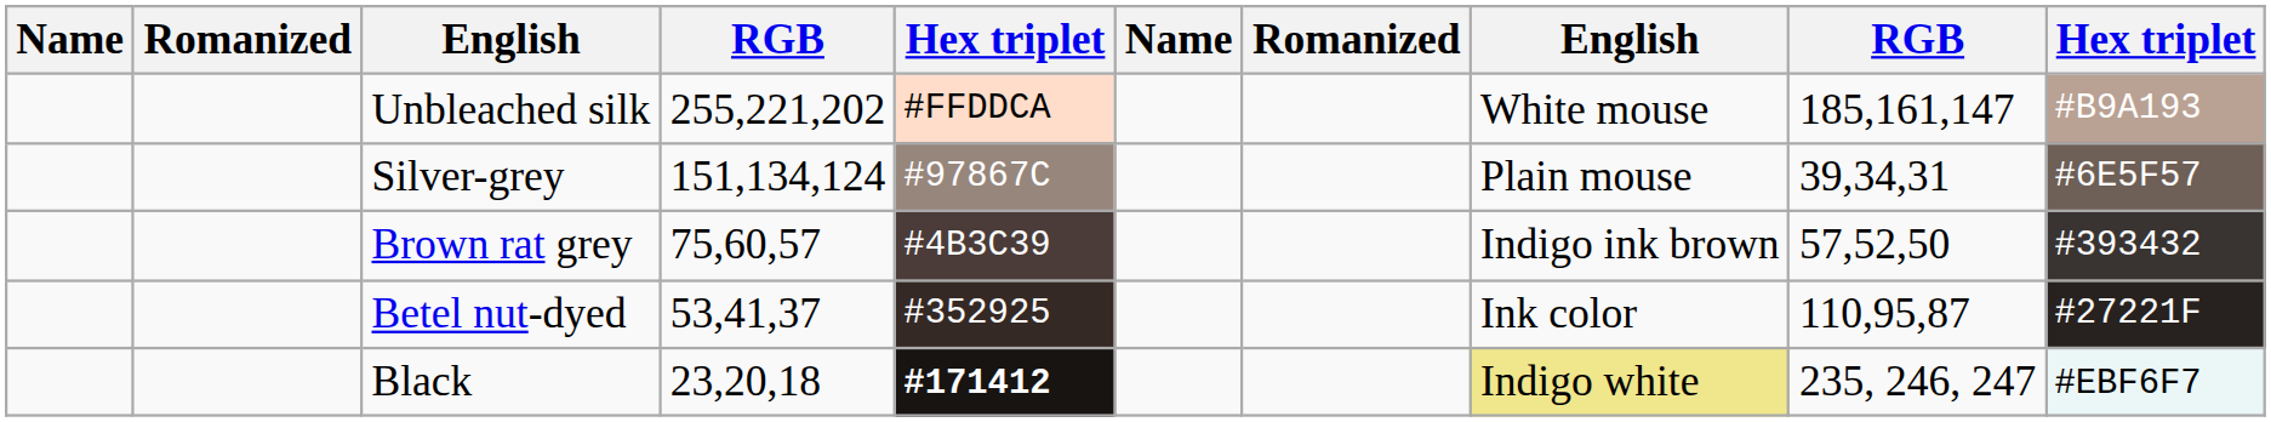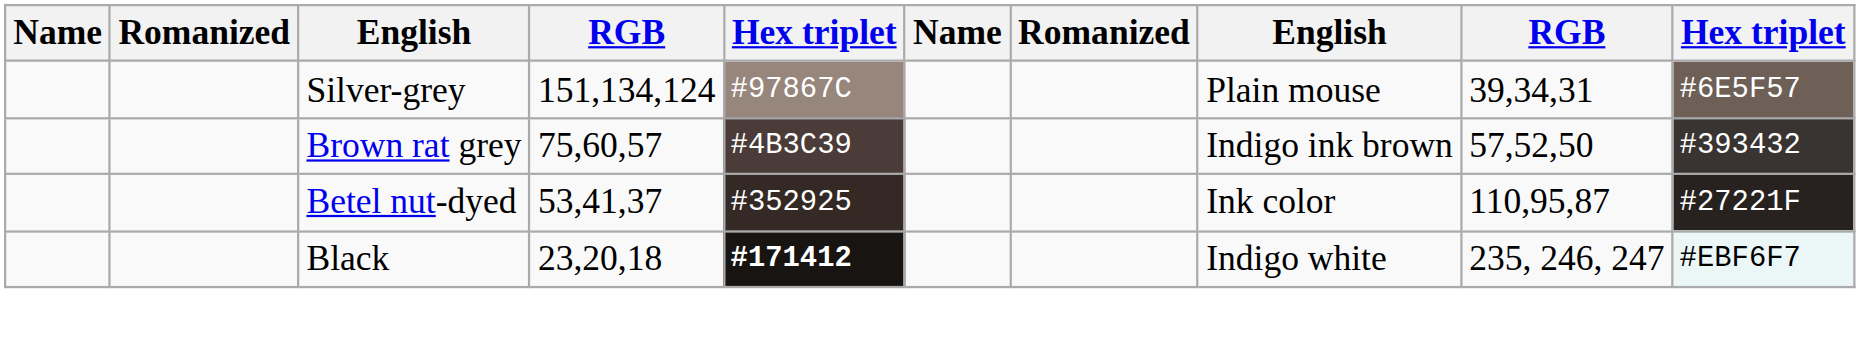 <table class="wikitable">
 <tr>
 <th>Name</th>
 <th>Romanized</th>
 <th>English</th>
 <th><a href='#'>RGB</a></th>
 <th><a href='#'>Hex triplet</a></th>
 <th>Name</th>
 <th>Romanized</th>
 <th>English</th>
 <th><a href='#'>RGB</a></th>
 <th><a href='#'>Hex triplet</a></th>
-</tr>
-<tr>
-<td></td>
-<td></td>
-<td>Unbleached silk</td>
-<td>255,221,202</td>
-<td style="background:#FFDDCA; color:#000000; font-family:monospace;">#FFDDCA</td>
-<td></td>
-<td></td>
-<td>White mouse</td>
-<td>185,161,147</td>
-<td style="background:#B9A193; color:#ffffff; font-family:monospace;">#B9A193</td>
 </tr>
 <tr>
 <td></td>
 <td></td>
 <td>Silver-grey</td>
 <td>151,134,124</td>
 <td style="background:#97867C; color:#ffffff; font-family:monospace;">#97867C</td>
 <td></td>
 <td></td>
 <td>Plain mouse</td>
 <td>39,34,31</td>
 <td style="background:#6E5F57; color:#ffffff; font-family:monospace;">#6E5F57</td>
 </tr>
 <tr>
 <td></td>
 <td></td>
 <td><a href='#'>Brown rat</a> grey</td>
 <td>75,60,57</td>
 <td style="background:#4B3C39; color:#ffffff; font-family:monospace;">#4B3C39</td>
 <td></td>
 <td></td>
 <td>Indigo ink brown</td>
 <td>57,52,50</td>
 <td style="background:#393432; color:#ffffff; font-family:monospace;">#393432</td>
 </tr>
 <tr>
 <td></td>
 <td></td>
 <td><a href='#'>Betel nut</a>-dyed</td>
 <td>53,41,37</td>
 <td style="background:#352925; color:#ffffff; font-family:monospace;">#352925</td>
 <td></td>
 <td></td>
 <td>Ink color</td>
 <td>110,95,87</td>
 <td style="background:#27221F; color:#ffffff; font-family:monospace;">#27221F</td>
 </tr>
 <tr>
 <td></td>
 <td></td>
 <td>Black</td>
 <td>23,20,18</td>
 <td style="background:#171412; color:#ffffff; font-family:monospace;"><strong>#171412</strong></td>
 <td></td>
 <td></td>
-<td style="background: khaki;">Indigo white</td>
+<td>Indigo white</td>
 <td>235, 246, 247</td>
 <td style="background:#EBF6F7; color:#000000; font-family:monospace;">#EBF6F7</td>
 </tr>
 </table>
